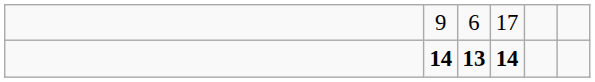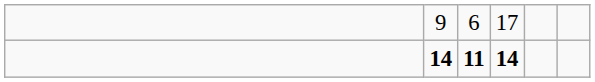 <table class="wikitable">
 <tr>
 <td style="width:18em"></td>
 <td align=center style="width:1em">9</td>
 <td align=center style="width:1em">6</td>
 <td align=center style="width:1em">17</td>
 <td align=center style="width:1em"></td>
 <td align=center style="width:1em"></td>
 </tr>
 <tr>
 <td style="width:18em"><strong></strong></td>
 <td align=center style="width:1em"><strong>14</strong></td>
-<td align=center style="width:1em"><strong>13</strong></td>
+<td align=center style="width:1em"><strong>11</strong></td>
 <td align=center style="width:1em"><strong>14</strong></td>
 <td align=center style="width:1em"></td>
 <td align=center style="width:1em"></td>
 </tr>
 </table>
